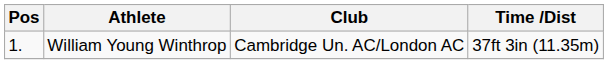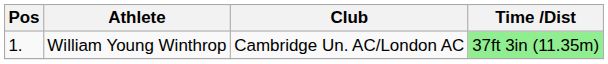 <table class="wikitable">
 <tr>
 <th>Pos</th>
 <th>Athlete</th>
 <th>Club</th>
 <th>Time /Dist</th>
 </tr>
 <tr>
 <td>1.</td>
 <td>William Young Winthrop</td>
 <td>Cambridge Un. AC/London AC</td>
-<td>37ft 3in (11.35m)</td>
+<td style="background: lightgreen;">37ft 3in (11.35m)</td>
 </tr>
 <tr>
 </tr>
 </table>
